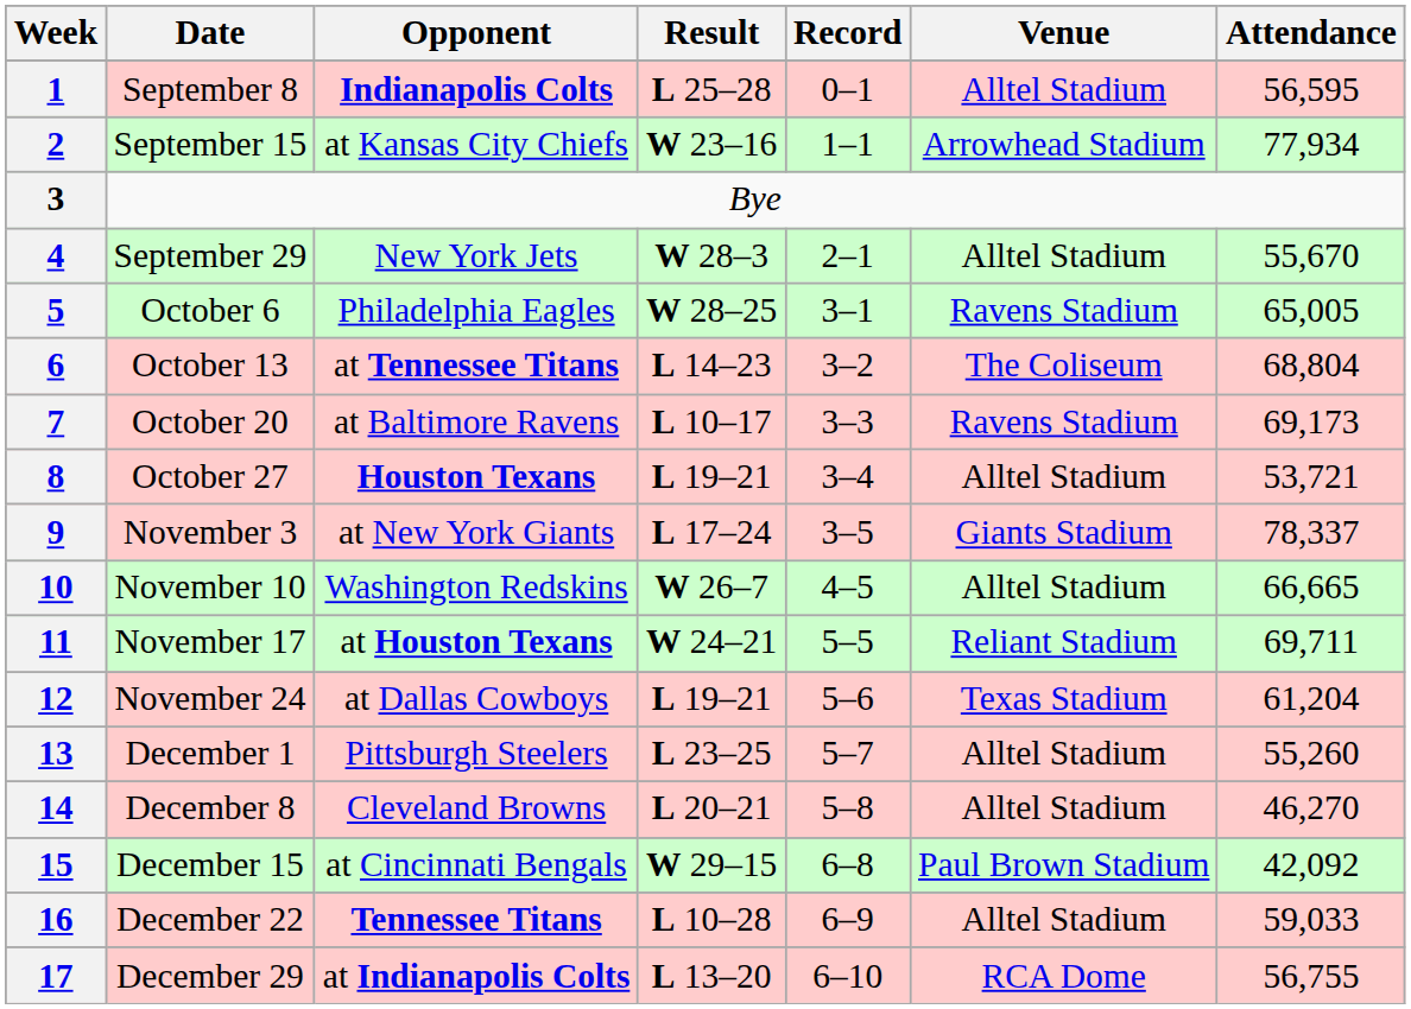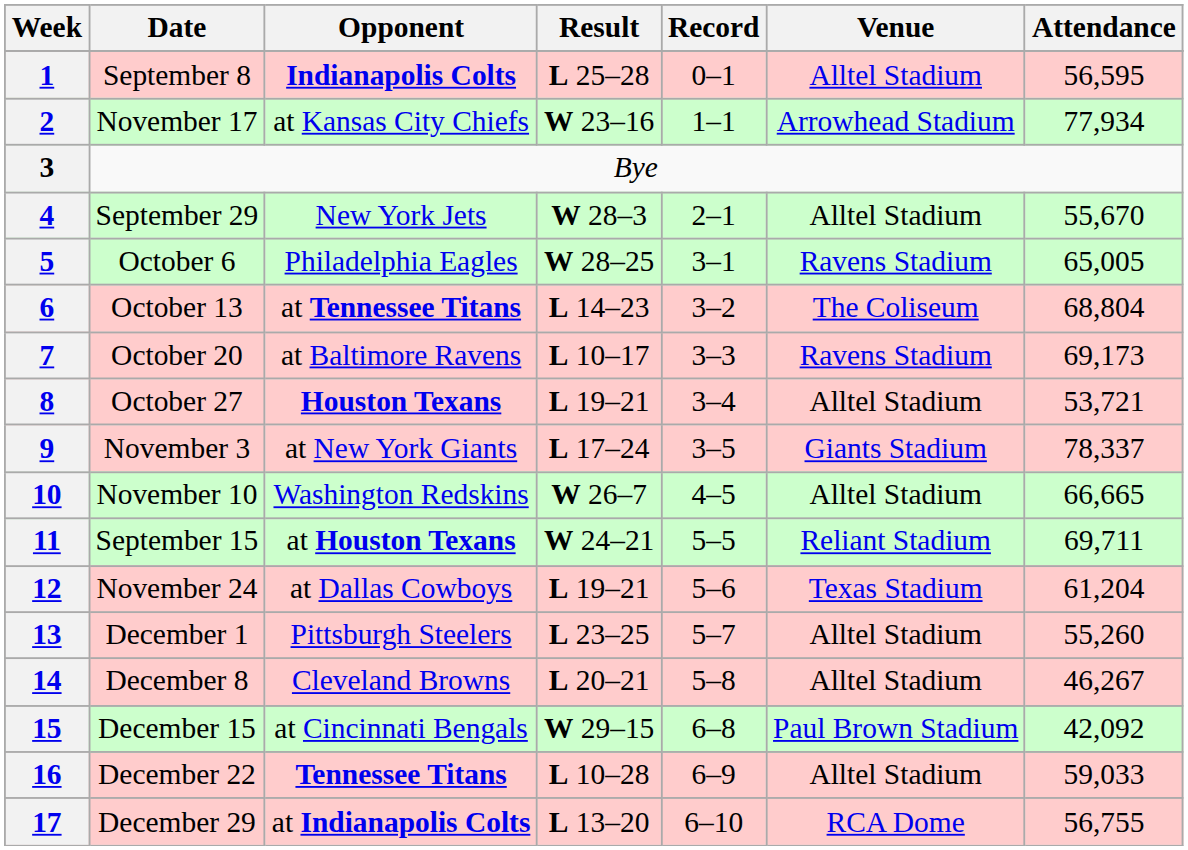 <table class="wikitable" style="text-align:center">
 <tr>
 <th>Week</th>
 <th>Date</th>
 <th>Opponent</th>
 <th>Result</th>
 <th>Record</th>
 <th>Venue</th>
 <th>Attendance</th>
 </tr>
 <tr>
 </tr>
 <tr style="background: #fcc">
 <th><a href='#'>1</a></th>
 <td>September 8</td>
 <td><strong><a href='#'>Indianapolis Colts</a></strong></td>
 <td><strong>L</strong> 25–28</td>
 <td>0–1</td>
 <td><a href='#'>Alltel Stadium</a></td>
 <td>56,595</td>
 </tr>
 <tr style="background: #cfc;">
 <th><a href='#'>2</a></th>
-<td>September 15</td>
+<td>November 17</td>
 <td>at <a href='#'>Kansas City Chiefs</a></td>
 <td><strong>W</strong> 23–16</td>
 <td>1–1</td>
 <td><a href='#'>Arrowhead Stadium</a></td>
 <td>77,934</td>
 </tr>
 <tr>
 <th>3</th>
 <td colspan=6 align="center"><em>Bye</em></td>
 </tr>
 <tr style="background: #cfc;">
 <th><a href='#'>4</a></th>
 <td>September 29</td>
 <td><a href='#'>New York Jets</a></td>
 <td><strong>W</strong> 28–3</td>
 <td>2–1</td>
 <td>Alltel Stadium</td>
 <td>55,670</td>
 </tr>
 <tr style="background: #cfc;">
 <th><a href='#'>5</a></th>
 <td>October 6</td>
 <td><a href='#'>Philadelphia Eagles</a></td>
 <td><strong>W</strong> 28–25</td>
 <td>3–1</td>
 <td><a href='#'>Ravens Stadium</a></td>
 <td>65,005</td>
 </tr>
 <tr style="background: #fcc;">
 <th><a href='#'>6</a></th>
 <td>October 13</td>
 <td>at <strong><a href='#'>Tennessee Titans</a></strong></td>
 <td><strong>L</strong> 14–23</td>
 <td>3–2</td>
 <td><a href='#'>The Coliseum</a></td>
 <td>68,804</td>
 </tr>
 <tr style="background: #fcc;">
 <th><a href='#'>7</a></th>
 <td>October 20</td>
 <td>at <a href='#'>Baltimore Ravens</a></td>
 <td><strong>L</strong> 10–17</td>
 <td>3–3</td>
 <td><a href='#'>Ravens Stadium</a></td>
 <td>69,173</td>
 </tr>
 <tr style="background: #fcc;">
 <th><a href='#'>8</a></th>
 <td>October 27</td>
 <td><strong><a href='#'>Houston Texans</a></strong></td>
 <td><strong>L</strong> 19–21</td>
 <td>3–4</td>
 <td>Alltel Stadium</td>
 <td>53,721</td>
 </tr>
 <tr style="background: #fcc;">
 <th><a href='#'>9</a></th>
 <td>November 3</td>
 <td>at <a href='#'>New York Giants</a></td>
 <td><strong>L</strong> 17–24</td>
 <td>3–5</td>
 <td><a href='#'>Giants Stadium</a></td>
 <td>78,337</td>
 </tr>
 <tr style="background: #cfc;">
 <th><a href='#'>10</a></th>
 <td>November 10</td>
 <td><a href='#'>Washington Redskins</a></td>
 <td><strong>W</strong> 26–7</td>
 <td>4–5</td>
 <td>Alltel Stadium</td>
 <td>66,665</td>
 </tr>
 <tr style="background: #cfc;">
 <th><a href='#'>11</a></th>
-<td>November 17</td>
+<td>September 15</td>
 <td>at <strong><a href='#'>Houston Texans</a></strong></td>
 <td><strong>W</strong> 24–21</td>
 <td>5–5</td>
 <td><a href='#'>Reliant Stadium</a></td>
 <td>69,711</td>
 </tr>
 <tr style="background: #fcc;">
 <th><a href='#'>12</a></th>
 <td>November 24</td>
 <td>at <a href='#'>Dallas Cowboys</a></td>
 <td><strong>L</strong> 19–21</td>
 <td>5–6</td>
 <td><a href='#'>Texas Stadium</a></td>
 <td>61,204</td>
 </tr>
 <tr style="background: #fcc;">
 <th><a href='#'>13</a></th>
 <td>December 1</td>
 <td><a href='#'>Pittsburgh Steelers</a></td>
 <td><strong>L</strong> 23–25</td>
 <td>5–7</td>
 <td>Alltel Stadium</td>
 <td>55,260</td>
 </tr>
 <tr style="background: #fcc;">
 <th><a href='#'>14</a></th>
 <td>December 8</td>
 <td><a href='#'>Cleveland Browns</a></td>
 <td><strong>L</strong> 20–21</td>
 <td>5–8</td>
 <td>Alltel Stadium</td>
-<td>46,270</td>
+<td>46,267</td>
 </tr>
 <tr style="background: #cfc;">
 <th><a href='#'>15</a></th>
 <td>December 15</td>
 <td>at <a href='#'>Cincinnati Bengals</a></td>
 <td><strong>W</strong> 29–15</td>
 <td>6–8</td>
 <td><a href='#'>Paul Brown Stadium</a></td>
 <td>42,092</td>
 </tr>
 <tr style="background: #fcc;">
 <th><a href='#'>16</a></th>
 <td>December 22</td>
 <td><strong><a href='#'>Tennessee Titans</a></strong></td>
 <td><strong>L</strong> 10–28</td>
 <td>6–9</td>
 <td>Alltel Stadium</td>
 <td>59,033</td>
 </tr>
 <tr style="background: #fcc;">
 <th><a href='#'>17</a></th>
 <td>December 29</td>
 <td>at <strong><a href='#'>Indianapolis Colts</a></strong></td>
 <td><strong>L</strong> 13–20</td>
 <td>6–10</td>
 <td><a href='#'>RCA Dome</a></td>
 <td>56,755</td>
 </tr>
 </table>
